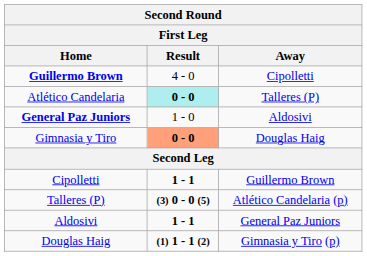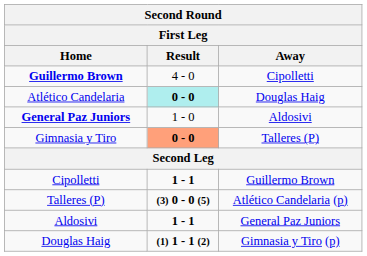 <table align=center class="wikitable collapsible collapsed" style="font-size:95%; text-align: center; width: 70%;">
 <tr>
 <th colspan=100% style="with: 100%;" align=center>Second Round</th>
 </tr>
 <tr>
 <th colspan=100% style="with: 75%;" align=center>First Leg</th>
 </tr>
 <tr>
 <th width=30%>Home</th>
 <th width=15%>Result</th>
 <th width=30%>Away</th>
 </tr>
 <tr align=center>
 <td><strong><a href='#'>Guillermo Brown</a></strong></td>
 <td>4 - 0</td>
 <td><a href='#'>Cipolletti</a></td>
 </tr>
 <tr align=center>
 <td><a href='#'>Atlético Candelaria</a></td>
 <td style="background: paleturquoise;"><strong>0 - 0</strong></td>
-<td><a href='#'>Talleres (P)</a></td>
+<td><a href='#'>Douglas Haig</a></td>
 </tr>
 <tr align=center>
 <td><strong><a href='#'>General Paz Juniors</a></strong></td>
 <td>1 - 0</td>
 <td><a href='#'>Aldosivi</a></td>
 </tr>
 <tr align=center>
 <td><a href='#'>Gimnasia y Tiro</a></td>
 <td style="background: lightsalmon;"><strong>0 - 0</strong></td>
-<td><a href='#'>Douglas Haig</a></td>
+<td><a href='#'>Talleres (P)</a></td>
 </tr>
 <tr>
 <th colspan="100%"  style="with:75%; text-align:center;">Second Leg</th>
 </tr>
 <tr align=center>
 <td><a href='#'>Cipolletti</a></td>
 <td><strong>1 - 1</strong></td>
 <td><a href='#'>Guillermo Brown</a></td>
 </tr>
 <tr align=center>
 <td><a href='#'>Talleres (P)</a></td>
 <td><strong><small>(3)</small> 0 - 0 <small>(5)</small></strong></td>
 <td><a href='#'>Atlético Candelaria</a> <a href='#'>(p)</a></td>
 </tr>
 <tr align=center>
 <td><a href='#'>Aldosivi</a></td>
 <td><strong>1 - 1</strong></td>
 <td><a href='#'>General Paz Juniors</a></td>
 </tr>
 <tr align=center>
 <td><a href='#'>Douglas Haig</a></td>
 <td><strong><small>(1)</small> 1 - 1 <small>(2)</small></strong></td>
 <td><a href='#'>Gimnasia y Tiro</a> <a href='#'>(p)</a></td>
 </tr>
 </table>
